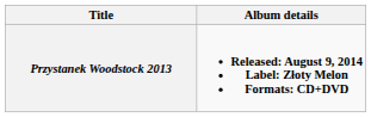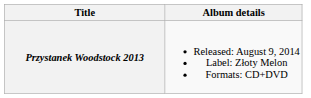 <table class="wikitable plainrowheaders" style="text-align:center;">
 <tr>
 <th scope="col" style="width:15em;">Title</th>
 <th scope="col">Album details</th>
 </tr>
 <tr>
 <th scope="row"><em>Przystanek Woodstock 2013</em></th>
-<td><strong><br><ul><li>Released: August 9, 2014</li><li>Label: Złoty Melon</li><li>Formats: CD+DVD</li></ul></strong></td>
+<td><br><ul><li>Released: August 9, 2014</li><li>Label: Złoty Melon</li><li>Formats: CD+DVD</li></ul></td>
 </tr>
 </table>
